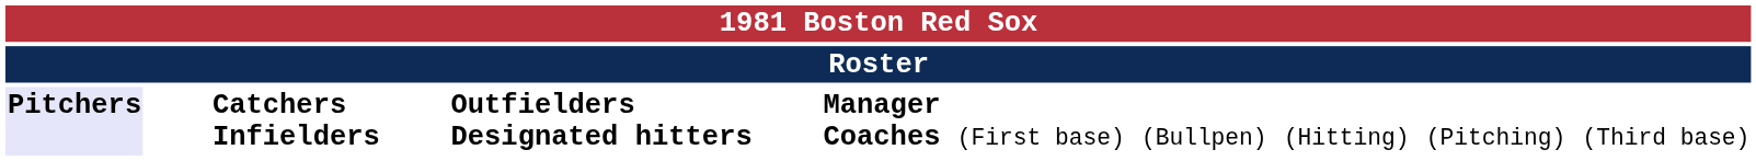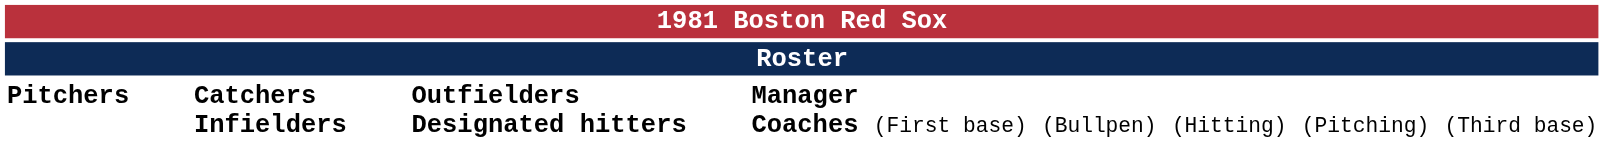 <table class="toccolours" style="text-align: left;">
 <tr>
 <th colspan="10" style="background-color: #ba313c; color: white; text-align: center;">1981 Boston Red Sox</th>
 </tr>
 <tr>
 <td colspan="10" style="background-color: #0d2b56; color: white; text-align: center;"><strong>Roster</strong></td>
 </tr>
 <tr>
-<td valign="top" style="background: lavender;"><strong>Pitchers</strong><br>            </td>
+<td valign="top"><strong>Pitchers</strong><br>            </td>
 <td width="25px"></td>
 <td valign="top"><strong>Catchers</strong><br>    <strong>Infielders</strong>       </td>
 <td width="25px"></td>
 <td valign="top"><strong>Outfielders</strong><br>      <strong>Designated hitters</strong>  </td>
 <td width="25px"></td>
 <td valign="top"><strong>Manager</strong><br> <strong>Coaches</strong>  <small>(First base)</small>  <small>(Bullpen)</small>  <small>(Hitting)</small>  <small>(Pitching)</small>  <small>(Third base)</small></td>
 </tr>
 <tr>
 </tr>
 </table>
